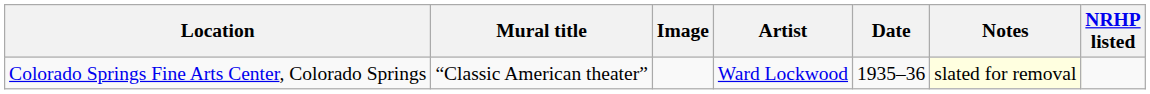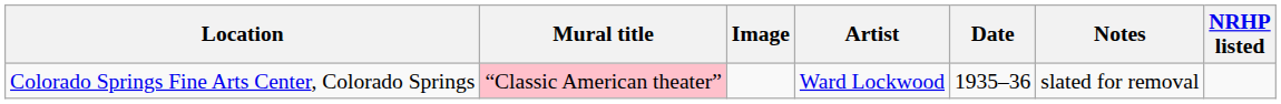 <table class="wikitable sortable">
 <tr>
 <th>Location</th>
 <th>Mural title</th>
 <th>Image</th>
 <th>Artist</th>
 <th>Date</th>
 <th>Notes</th>
 <th><a href='#'>NRHP</a><br>listed</th>
 </tr>
 <tr>
 <td><a href='#'>Colorado Springs Fine Arts Center</a>, Colorado Springs</td>
-<td>“Classic American theater”</td>
+<td style="background: pink;">“Classic American theater”</td>
 <td></td>
 <td><a href='#'>Ward Lockwood</a></td>
 <td>1935–36</td>
-<td style="background: lightyellow;">slated for removal</td>
+<td>slated for removal</td>
 </tr>
 </table>
